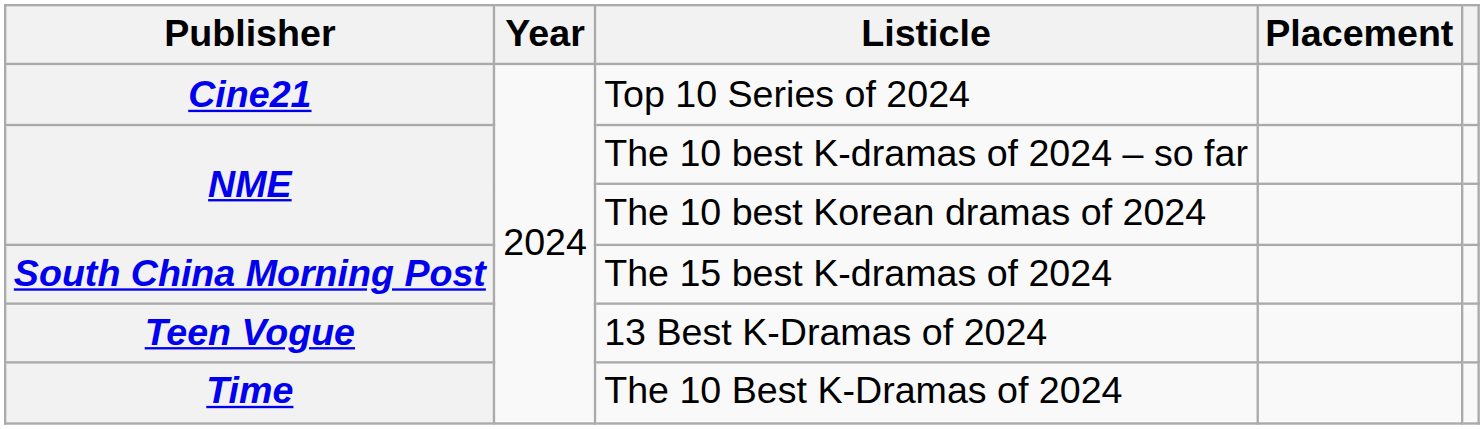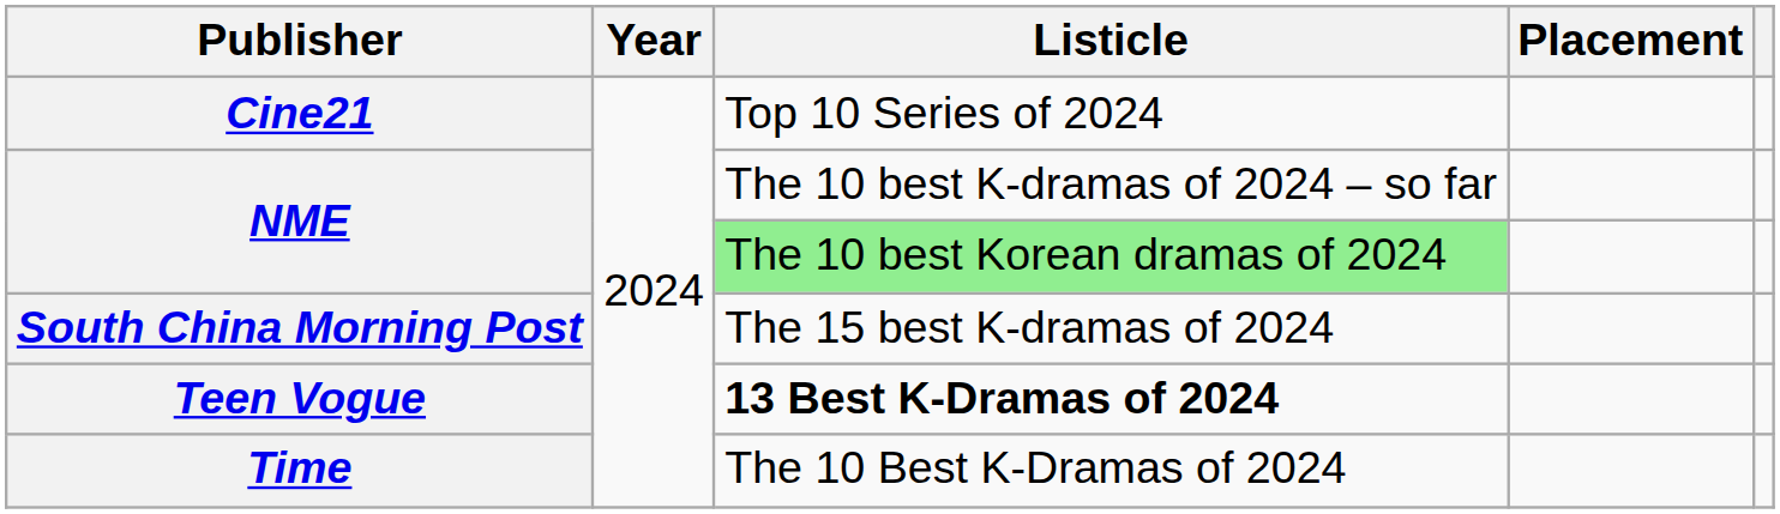 <table class="wikitable plainrowheaders sortable" style="text-align:center">
 <tr>
 <th scope="col">Publisher</th>
 <th scope="col">Year</th>
 <th scope="col">Listicle</th>
 <th scope="col">Placement</th>
 <th scope="col" class="unsortable"></th>
 </tr>
 <tr>
 <th scope="row"><em><a href='#'>Cine21</a></em></th>
 <td rowspan="6">2024</td>
 <td style="text-align:left">Top 10 Series of 2024</td>
 <td></td>
 <td></td>
 </tr>
 <tr>
 <th scope="row" rowspan="2"><em><a href='#'>NME</a></em></th>
 <td style="text-align:left">The 10 best K-dramas of 2024 – so far</td>
 <td></td>
 <td></td>
 </tr>
 <tr>
-<td style="text-align:left">The 10 best Korean dramas of 2024</td>
+<td style="background: lightgreen; text-align:left">The 10 best Korean dramas of 2024</td>
 <td></td>
 <td></td>
 </tr>
 <tr>
 <th scope="row"><em><a href='#'>South China Morning Post</a></em></th>
 <td style="text-align:left">The 15 best K-dramas of 2024</td>
 <td></td>
 <td></td>
 </tr>
 <tr>
 <th scope="row"><em><a href='#'>Teen Vogue</a></em></th>
-<td style="text-align:left">13 Best K-Dramas of 2024</td>
+<td style="text-align:left"><strong>13 Best K-Dramas of 2024</strong></td>
 <td></td>
 <td></td>
 </tr>
 <tr>
 <th scope="row"><em><a href='#'>Time</a></em></th>
 <td style="text-align:left">The 10 Best K-Dramas of 2024</td>
 <td></td>
 <td></td>
 </tr>
 </table>
